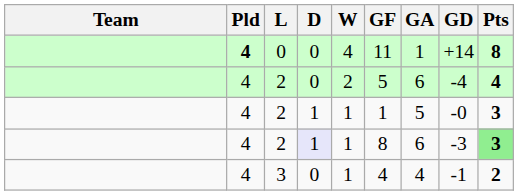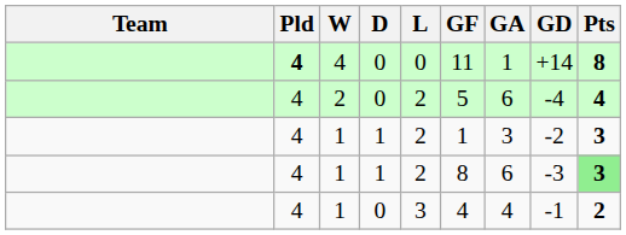 <table class="wikitable" style="text-align: center;">
 <tr>
 <th width=175>Team</th>
 <th width=20>Pld</th>
+<th width=20>W</th>
+<th width=20>D</th>
 <th width=20>L</th>
-<th width=20>D</th>
-<th width=20>W</th>
 <th width=20>GF</th>
 <th width=20>GA</th>
 <th width=20>GD</th>
 <th width=20>Pts</th>
 </tr>
 <tr style="background:#ccffcc;">
 <td style="text-align:left;"></td>
 <td><strong>4</strong></td>
+<td>4</td>
 <td>0</td>
 <td>0</td>
-<td>4</td>
 <td>11</td>
 <td>1</td>
 <td>+14</td>
 <td><strong>8</strong></td>
 </tr>
 <tr style="background:#ccffcc;">
 <td style="text-align:left;"></td>
 <td>4</td>
 <td>2</td>
 <td>0</td>
 <td>2</td>
 <td>5</td>
 <td>6</td>
 <td>-4</td>
 <td><strong>4</strong></td>
 </tr>
 <tr>
 <td style="text-align:left;"></td>
 <td>4</td>
+<td>1</td>
+<td>1</td>
 <td>2</td>
 <td>1</td>
-<td>1</td>
-<td>1</td>
-<td>5</td>
-<td>-0</td>
+<td>3</td>
+<td>-2</td>
 <td><strong>3</strong></td>
 </tr>
 <tr>
 <td style="text-align:left;"></td>
 <td>4</td>
+<td>1</td>
+<td>1</td>
 <td>2</td>
-<td style="background: lavender;">1</td>
-<td>1</td>
 <td>8</td>
 <td>6</td>
 <td>-3</td>
 <td style="background: lightgreen;"><strong>3</strong></td>
 </tr>
 <tr>
 <td style="text-align:left;"></td>
 <td>4</td>
+<td>1</td>
+<td>0</td>
 <td>3</td>
-<td>0</td>
-<td>1</td>
 <td>4</td>
 <td>4</td>
 <td>-1</td>
 <td><strong>2</strong></td>
 </tr>
 </table>
